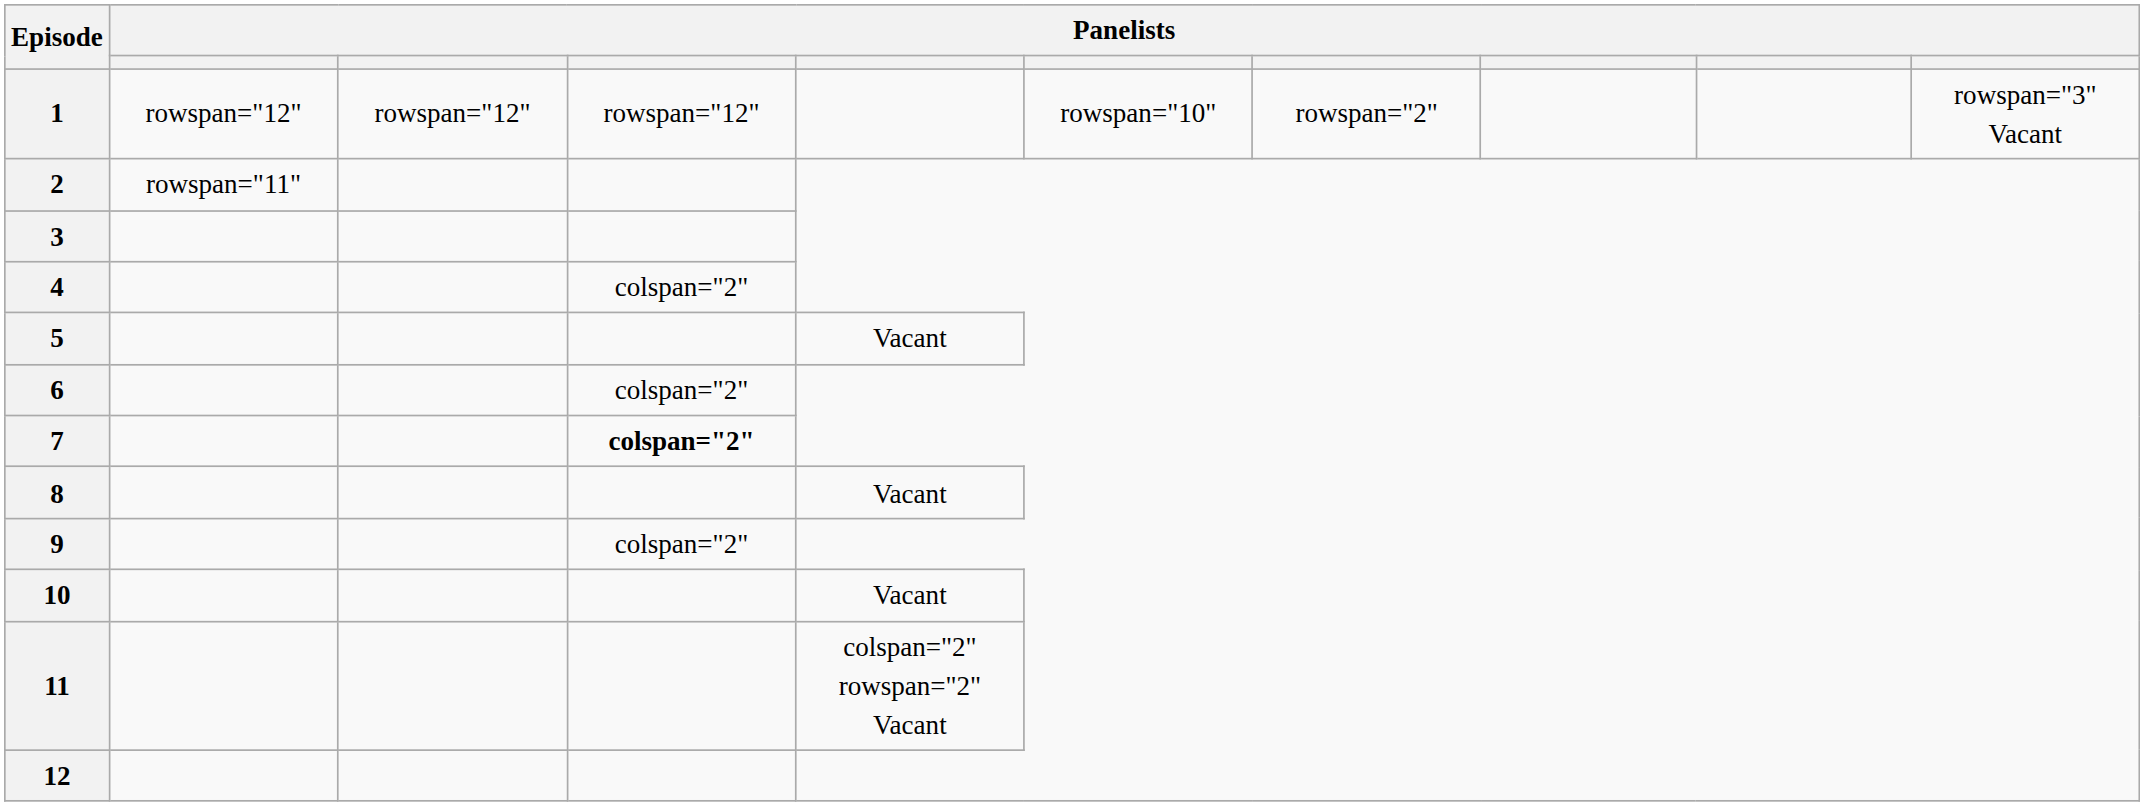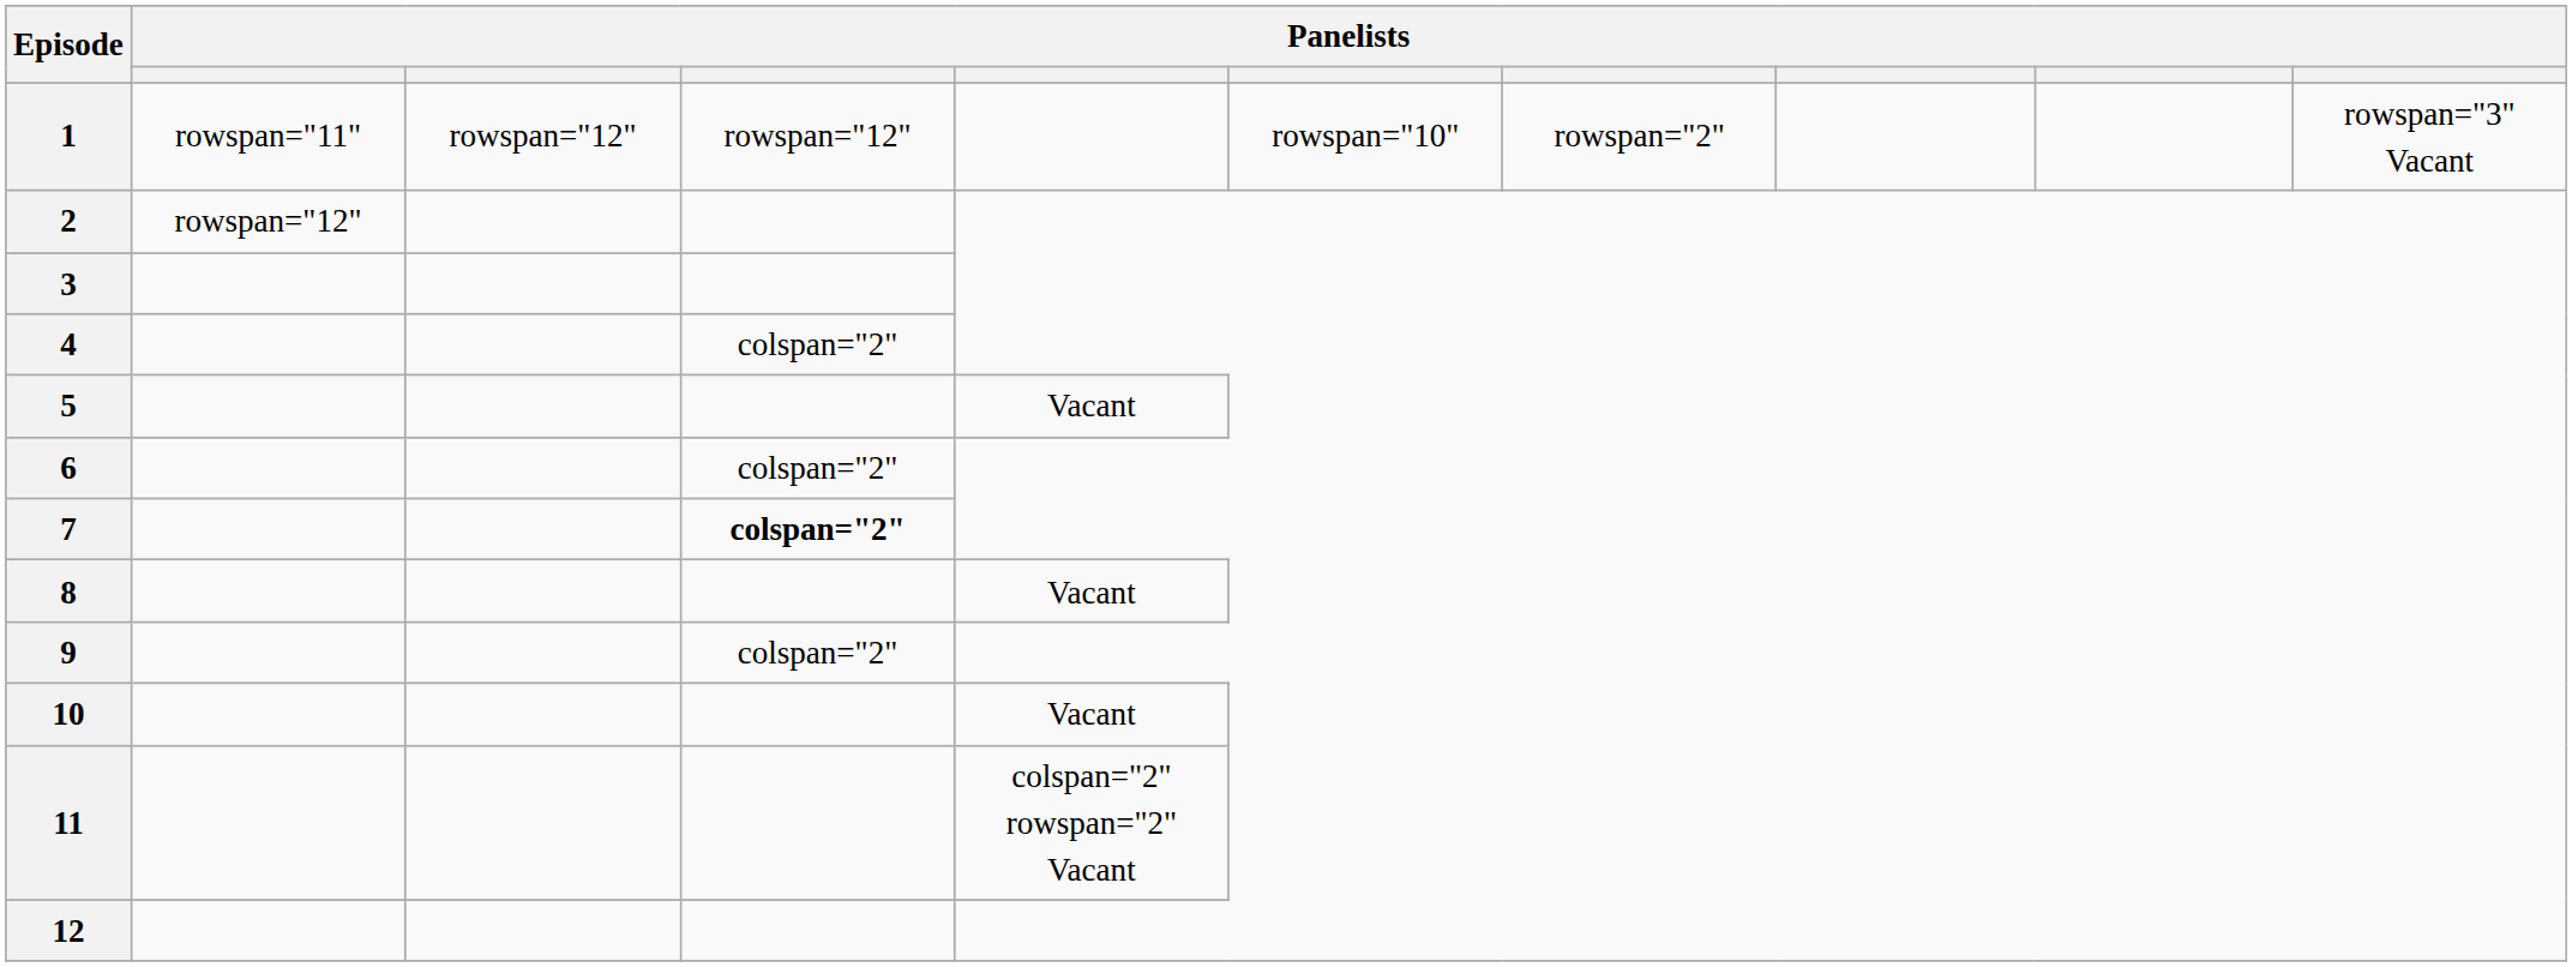 <table class="wikitable plainrowheaders mw-collapsible" style="text-align:center; line-height:23px; width:100%;">
 <tr>
 <th rowspan="2" width="1%">Episode</th>
 <th colspan="9">Panelists</th>
 </tr>
 <tr>
 <th width="11%"></th>
 <th width="11%"></th>
 <th width="11%"></th>
 <th width="11%"></th>
 <th width="11%"></th>
 <th width="11%"></th>
 <th width="11%"></th>
 <th width="11%"></th>
 <th width="11%"></th>
 </tr>
 <tr>
 <th>1</th>
-<td>rowspan="12" </td>
+<td>rowspan="11" </td>
 <td>rowspan="12" </td>
 <td>rowspan="12" </td>
 <td></td>
 <td>rowspan="10" </td>
 <td>rowspan="2" </td>
 <td></td>
 <td></td>
 <td>rowspan="3"  Vacant</td>
 </tr>
 <tr>
 <th>2</th>
-<td>rowspan="11" </td>
+<td>rowspan="12" </td>
 <td></td>
 <td></td>
 </tr>
 <tr>
 <th>3</th>
 <td></td>
 <td></td>
 <td></td>
 </tr>
 <tr>
 <th>4</th>
 <td></td>
 <td></td>
 <td>colspan="2" </td>
 </tr>
 <tr>
 <th>5</th>
 <td></td>
 <td></td>
 <td></td>
 <td> Vacant</td>
 </tr>
 <tr>
 <th>6</th>
 <td></td>
 <td></td>
 <td>colspan="2" </td>
 </tr>
 <tr>
 <th>7</th>
 <td></td>
 <td></td>
 <td><strong>colspan="2" </strong></td>
 </tr>
 <tr>
 <th>8</th>
 <td></td>
 <td></td>
 <td></td>
 <td> Vacant</td>
 </tr>
 <tr>
 <th>9</th>
 <td></td>
 <td></td>
 <td>colspan="2"</td>
 </tr>
 <tr>
 <th>10</th>
 <td></td>
 <td></td>
 <td></td>
 <td> Vacant</td>
 </tr>
 <tr>
 <th>11</th>
 <td></td>
 <td></td>
 <td></td>
 <td>colspan="2" rowspan="2"  Vacant</td>
 </tr>
 <tr>
 <th>12</th>
 <td></td>
 <td></td>
 <td></td>
 </tr>
 </table>
